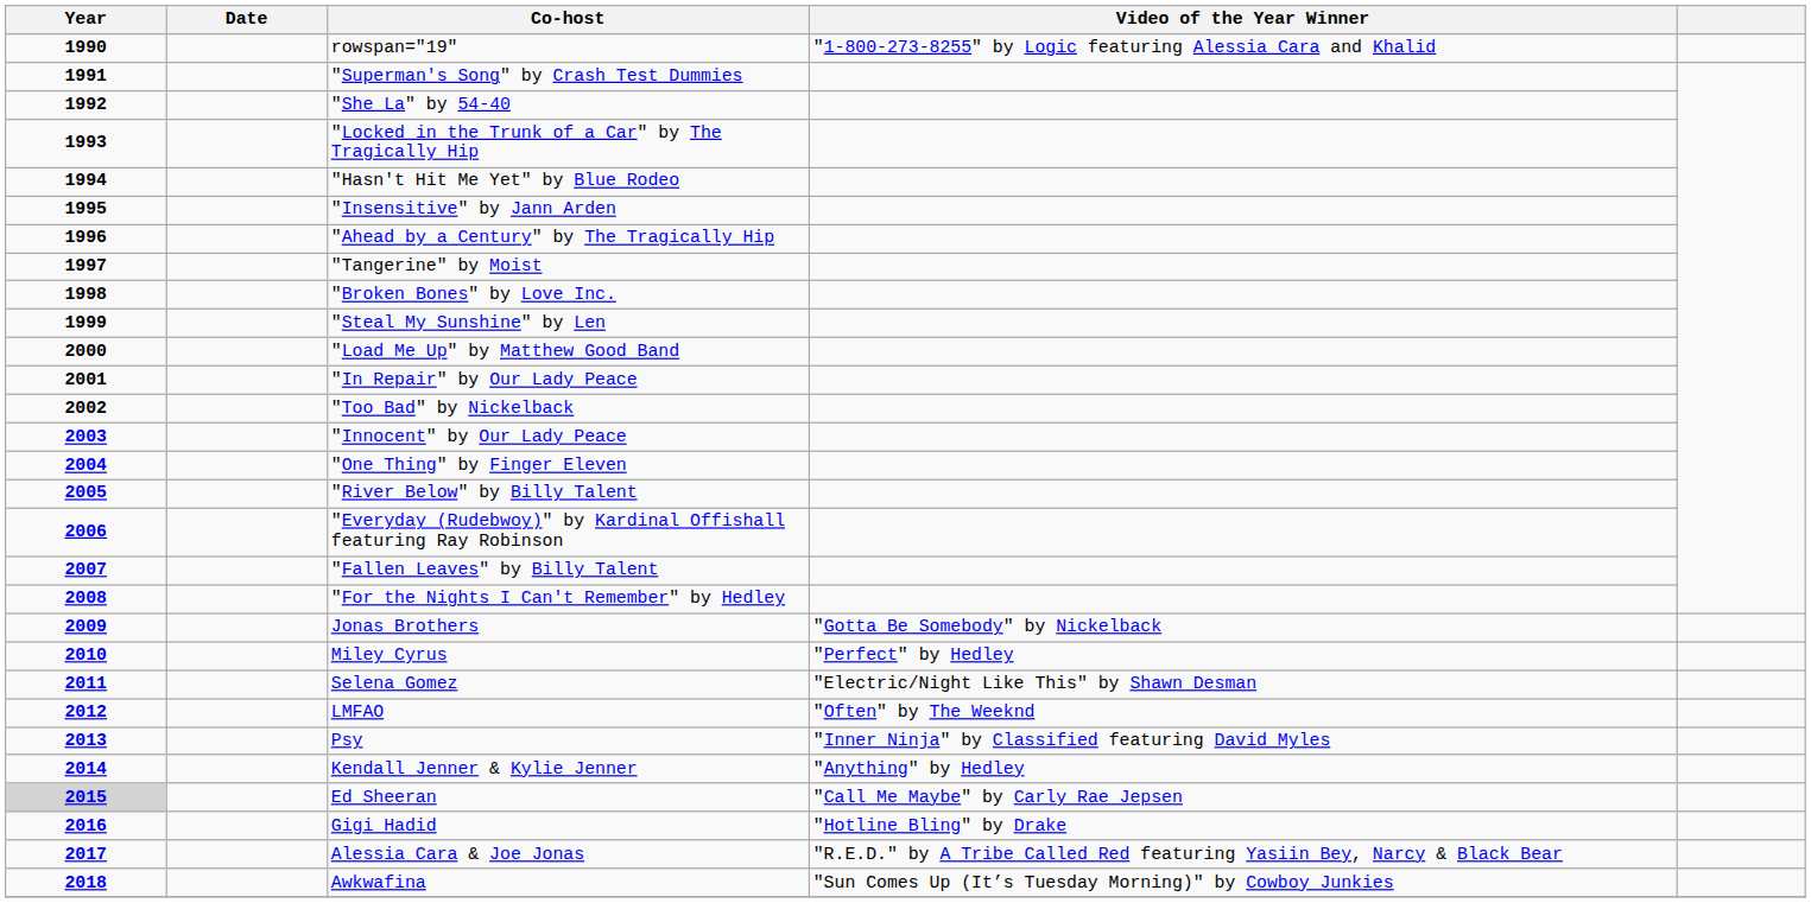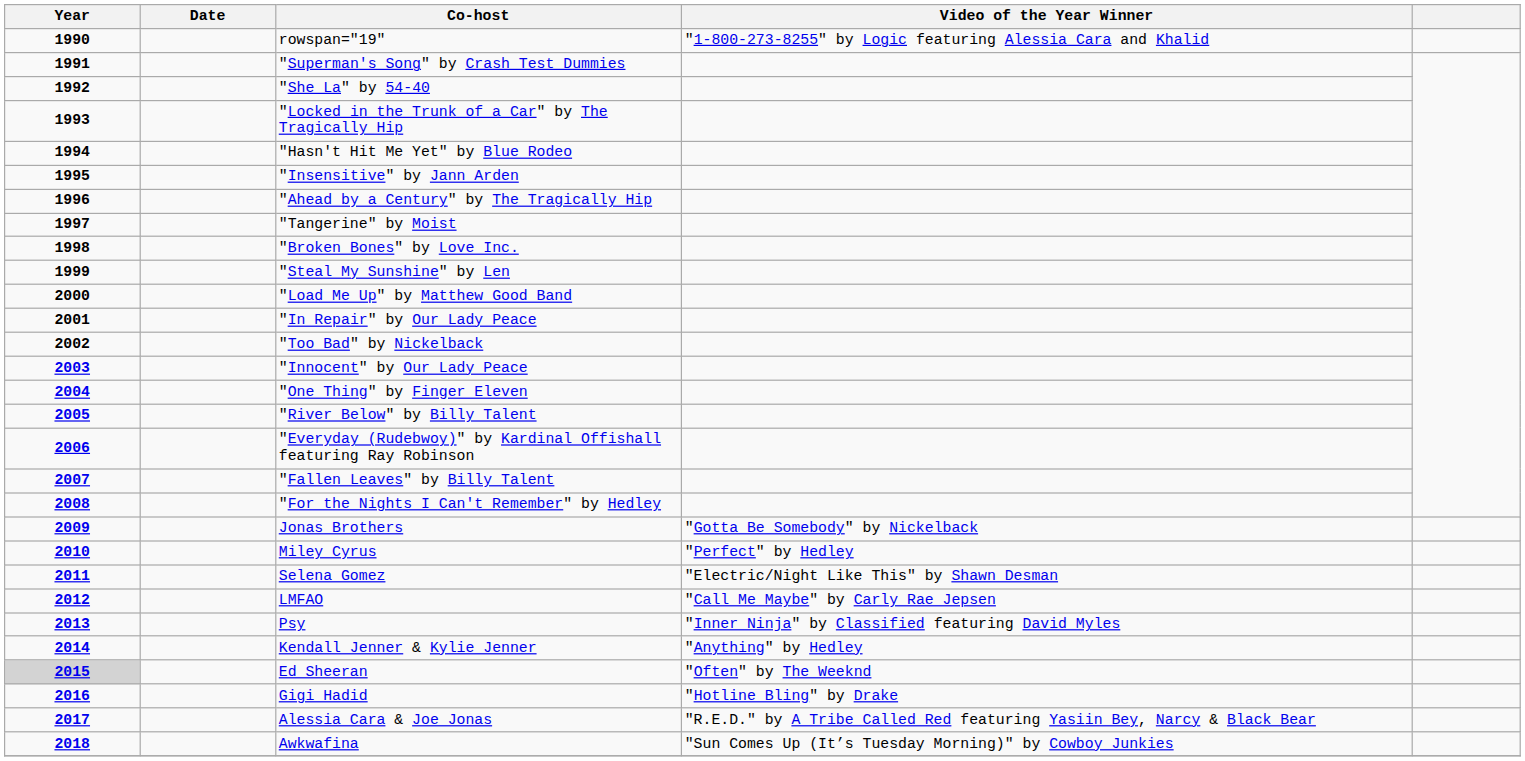 <table class="wikitable sortable" style="font-size:95%; width:100%;">
 <tr>
 <th style="width:5%;">Year</th>
 <th style="width:5%;">Date</th>
 <th style="width:15%;">Co-host</th>
 <th style="width:27%;" class="unsortable">Video of the Year Winner</th>
 <th style="width:4%;" class="unsortable"></th>
 </tr>
 <tr>
 <td align="center"><strong>1990</strong></td>
 <td></td>
 <td>rowspan="19" </td>
 <td>"<a href='#'>1-800-273-8255</a>" by <a href='#'>Logic</a> featuring <a href='#'>Alessia Cara</a> and <a href='#'>Khalid</a></td>
 <td align="center"></td>
 </tr>
 <tr>
 <td align="center"><strong>1991</strong></td>
 <td></td>
 <td>"<a href='#'>Superman's Song</a>" by <a href='#'>Crash Test Dummies</a></td>
 <td align="center"></td>
 </tr>
 <tr>
 <td align="center"><strong>1992</strong></td>
 <td></td>
 <td>"<a href='#'>She La</a>" by <a href='#'>54-40</a></td>
 <td align="center"></td>
 </tr>
 <tr>
 <td align="center"><strong>1993</strong></td>
 <td></td>
 <td>"<a href='#'>Locked in the Trunk of a Car</a>" by <a href='#'>The Tragically Hip</a></td>
 <td align="center"></td>
 </tr>
 <tr>
 <td align="center"><strong>1994</strong></td>
 <td></td>
 <td>"Hasn't Hit Me Yet" by <a href='#'>Blue Rodeo</a></td>
 <td align="center"></td>
 </tr>
 <tr>
 <td align="center"><strong>1995</strong></td>
 <td></td>
 <td>"<a href='#'>Insensitive</a>" by <a href='#'>Jann Arden</a></td>
 <td align="center"></td>
 </tr>
 <tr>
 <td align="center"><strong>1996</strong></td>
 <td></td>
 <td>"<a href='#'>Ahead by a Century</a>" by <a href='#'>The Tragically Hip</a></td>
 <td align="center"></td>
 </tr>
 <tr>
 <td align="center"><strong>1997</strong></td>
 <td></td>
 <td>"Tangerine" by <a href='#'>Moist</a></td>
 <td align="center"></td>
 </tr>
 <tr>
 <td align="center"><strong>1998</strong></td>
 <td></td>
 <td>"<a href='#'>Broken Bones</a>" by <a href='#'>Love Inc.</a></td>
 <td align="center"></td>
 </tr>
 <tr>
 <td align="center"><strong>1999</strong></td>
 <td></td>
 <td>"<a href='#'>Steal My Sunshine</a>" by <a href='#'>Len</a></td>
 <td align="center"></td>
 </tr>
 <tr>
 <td align="center"><strong>2000</strong></td>
 <td></td>
 <td>"<a href='#'>Load Me Up</a>" by <a href='#'>Matthew Good Band</a></td>
 <td align="center"></td>
 </tr>
 <tr>
 <td align="center"><strong>2001</strong></td>
 <td></td>
 <td>"<a href='#'>In Repair</a>" by <a href='#'>Our Lady Peace</a></td>
 <td align="center"></td>
 </tr>
 <tr>
 <td align="center"><strong>2002</strong></td>
 <td></td>
 <td>"<a href='#'>Too Bad</a>" by <a href='#'>Nickelback</a></td>
 <td align="center"></td>
 </tr>
 <tr>
 <td align="center"><strong><a href='#'>2003</a></strong></td>
 <td></td>
 <td>"<a href='#'>Innocent</a>" by <a href='#'>Our Lady Peace</a></td>
 <td align="center"></td>
 </tr>
 <tr>
 <td align="center"><strong><a href='#'>2004</a></strong></td>
 <td></td>
 <td>"<a href='#'>One Thing</a>" by <a href='#'>Finger Eleven</a></td>
 <td align="center"></td>
 </tr>
 <tr>
 <td align="center"><strong><a href='#'>2005</a></strong></td>
 <td></td>
 <td>"<a href='#'>River Below</a>" by <a href='#'>Billy Talent</a></td>
 <td align="center"></td>
 </tr>
 <tr>
 <td align="center"><strong><a href='#'>2006</a></strong></td>
 <td></td>
 <td>"<a href='#'>Everyday (Rudebwoy)</a>" by <a href='#'>Kardinal Offishall</a> featuring Ray Robinson</td>
 <td align="center"></td>
 </tr>
 <tr>
 <td align="center"><strong><a href='#'>2007</a></strong></td>
 <td></td>
 <td>"<a href='#'>Fallen Leaves</a>" by <a href='#'>Billy Talent</a></td>
 <td align="center"></td>
 </tr>
 <tr>
 <td align="center"><strong><a href='#'>2008</a></strong></td>
 <td></td>
 <td>"<a href='#'>For the Nights I Can't Remember</a>" by <a href='#'>Hedley</a></td>
 <td align="center"></td>
 </tr>
 <tr>
 <td align="center"><strong><a href='#'>2009</a></strong></td>
 <td></td>
 <td><a href='#'>Jonas Brothers</a></td>
 <td>"<a href='#'>Gotta Be Somebody</a>" by <a href='#'>Nickelback</a></td>
 <td align="center"></td>
 </tr>
 <tr>
 <td align="center"><strong><a href='#'>2010</a></strong></td>
 <td></td>
 <td><a href='#'>Miley Cyrus</a></td>
 <td>"<a href='#'>Perfect</a>" by <a href='#'>Hedley</a></td>
 <td align="center"></td>
 </tr>
 <tr>
 <td align="center"><strong><a href='#'>2011</a></strong></td>
 <td></td>
 <td><a href='#'>Selena Gomez</a></td>
 <td>"Electric/Night Like This" by <a href='#'>Shawn Desman</a></td>
 <td align="center"></td>
 </tr>
 <tr>
 <td align="center"><strong><a href='#'>2012</a></strong></td>
 <td></td>
 <td><a href='#'>LMFAO</a></td>
-<td>"<a href='#'>Often</a>" by <a href='#'>The Weeknd</a></td>
+<td>"<a href='#'>Call Me Maybe</a>" by <a href='#'>Carly Rae Jepsen</a></td>
 <td align="center"></td>
 </tr>
 <tr>
 <td align="center"><strong><a href='#'>2013</a></strong></td>
 <td></td>
 <td><a href='#'>Psy</a></td>
 <td>"<a href='#'>Inner Ninja</a>" by <a href='#'>Classified</a> featuring <a href='#'>David Myles</a></td>
 <td align="center"></td>
 </tr>
 <tr>
 <td align="center"><strong><a href='#'>2014</a></strong></td>
 <td></td>
 <td><a href='#'>Kendall Jenner</a> & <a href='#'>Kylie Jenner</a></td>
 <td>"<a href='#'>Anything</a>" by <a href='#'>Hedley</a></td>
 <td align="center"></td>
 </tr>
 <tr>
 <td align="center" style="background: lightgrey;"><strong><a href='#'>2015</a></strong></td>
 <td></td>
 <td><a href='#'>Ed Sheeran</a></td>
-<td>"<a href='#'>Call Me Maybe</a>" by <a href='#'>Carly Rae Jepsen</a></td>
+<td>"<a href='#'>Often</a>" by <a href='#'>The Weeknd</a></td>
 <td align="center"></td>
 </tr>
 <tr>
 <td align="center"><strong><a href='#'>2016</a></strong></td>
 <td></td>
 <td><a href='#'>Gigi Hadid</a></td>
 <td>"<a href='#'>Hotline Bling</a>" by <a href='#'>Drake</a></td>
 <td align="center"></td>
 </tr>
 <tr>
 <td align="center"><strong><a href='#'>2017</a></strong></td>
 <td></td>
 <td><a href='#'>Alessia Cara</a> & <a href='#'>Joe Jonas</a></td>
 <td>"R.E.D." by <a href='#'>A Tribe Called Red</a> featuring <a href='#'>Yasiin Bey</a>, <a href='#'>Narcy</a> & <a href='#'>Black Bear</a></td>
 <td align="center"></td>
 </tr>
 <tr>
 <td align="center"><strong><a href='#'>2018</a></strong></td>
 <td></td>
 <td><a href='#'>Awkwafina</a></td>
 <td>"Sun Comes Up (It’s Tuesday Morning)" by <a href='#'>Cowboy Junkies</a></td>
 <td align="center"></td>
 </tr>
 <tr>
 </tr>
 </table>
